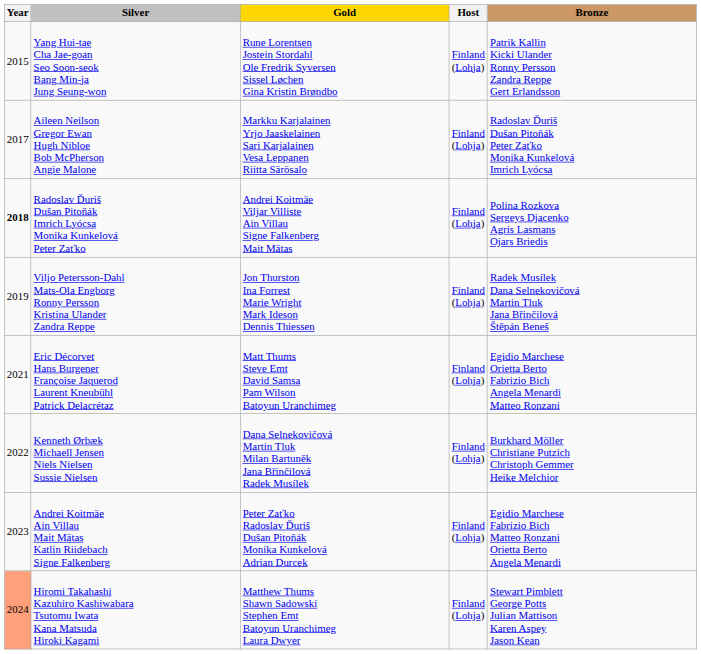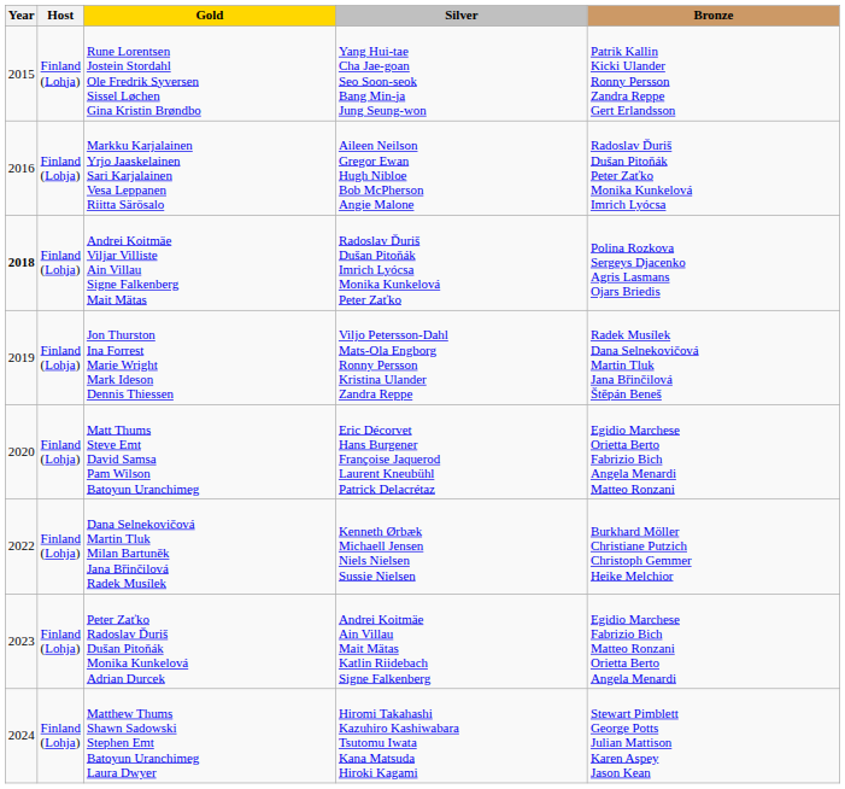 <table class="wikitable">
 <tr>
 <th>Year</th>
+<th>Host</th>
+<th style="background:gold; width:300px;">Gold</th>
 <th style="background:silver; width:300px;">Silver</th>
-<th style="background:gold; width:300px;">Gold</th>
-<th>Host</th>
 <th style="background:#cc9966; width:300px;">Bronze</th>
 </tr>
 <tr>
 <td>2015<br></td>
+<td><a href='#'>Finland</a><br>(<a href='#'>Lohja</a>)</td>
+<td><strong></strong> <br><a href='#'>Rune Lorentsen</a> <br><a href='#'>Jostein Stordahl</a> <br><a href='#'>Ole Fredrik Syversen</a> <br><a href='#'>Sissel Løchen</a> <br><a href='#'>Gina Kristin Brøndbo</a></td>
 <td><strong></strong> <br><a href='#'>Yang Hui-tae</a> <br><a href='#'>Cha Jae-goan</a> <br><a href='#'>Seo Soon-seok</a> <br><a href='#'>Bang Min-ja</a> <br><a href='#'>Jung Seung-won</a></td>
-<td><strong></strong> <br><a href='#'>Rune Lorentsen</a> <br><a href='#'>Jostein Stordahl</a> <br><a href='#'>Ole Fredrik Syversen</a> <br><a href='#'>Sissel Løchen</a> <br><a href='#'>Gina Kristin Brøndbo</a></td>
-<td><a href='#'>Finland</a><br>(<a href='#'>Lohja</a>)</td>
 <td><strong></strong> <br><a href='#'>Patrik Kallin</a> <br><a href='#'>Kicki Ulander</a> <br><a href='#'>Ronny Persson</a> <br><a href='#'>Zandra Reppe</a> <br><a href='#'>Gert Erlandsson</a></td>
 </tr>
 <tr>
-<td>2017<br></td>
+<td>2016<br></td>
+<td><a href='#'>Finland</a><br>(<a href='#'>Lohja</a>)</td>
+<td><strong></strong> <br> <a href='#'>Markku Karjalainen</a> <br> <a href='#'>Yrjo Jaaskelainen</a> <br> <a href='#'>Sari Karjalainen</a> <br> <a href='#'>Vesa Leppanen</a> <br> <a href='#'>Riitta Särösalo</a></td>
 <td><strong></strong> <br> <a href='#'>Aileen Neilson</a> <br> <a href='#'>Gregor Ewan</a> <br> <a href='#'>Hugh Nibloe</a> <br> <a href='#'>Bob McPherson</a> <br> <a href='#'>Angie Malone</a></td>
-<td><strong></strong> <br> <a href='#'>Markku Karjalainen</a> <br> <a href='#'>Yrjo Jaaskelainen</a> <br> <a href='#'>Sari Karjalainen</a> <br> <a href='#'>Vesa Leppanen</a> <br> <a href='#'>Riitta Särösalo</a></td>
-<td><a href='#'>Finland</a><br>(<a href='#'>Lohja</a>)</td>
 <td><strong></strong> <br> <a href='#'>Radoslav Ďuriš</a> <br> <a href='#'>Dušan Pitoňák</a> <br> <a href='#'>Peter Zaťko</a> <br> <a href='#'>Monika Kunkelová</a> <br> <a href='#'>Imrich Lyócsa</a></td>
 </tr>
 <tr>
 <td><strong>2018<br></strong></td>
+<td><a href='#'>Finland</a><br>(<a href='#'>Lohja</a>)</td>
+<td><strong></strong> <br> <a href='#'>Andrei Koitmäe</a><br><a href='#'>Viljar Villiste</a><br><a href='#'>Ain Villau</a><br><a href='#'>Signe Falkenberg</a><br><a href='#'>Mait Mätas</a></td>
 <td><strong></strong> <br> <a href='#'>Radoslav Ďuriš</a><br><a href='#'>Dušan Pitoňák</a><br><a href='#'>Imrich Lyócsa</a><br><a href='#'>Monika Kunkelová</a><br><a href='#'>Peter Zaťko</a></td>
-<td><strong></strong> <br> <a href='#'>Andrei Koitmäe</a><br><a href='#'>Viljar Villiste</a><br><a href='#'>Ain Villau</a><br><a href='#'>Signe Falkenberg</a><br><a href='#'>Mait Mätas</a></td>
-<td><a href='#'>Finland</a><br>(<a href='#'>Lohja</a>)</td>
 <td><strong></strong> <br> <a href='#'>Polina Rozkova</a><br><a href='#'>Sergeys Djacenko</a><br><a href='#'>Agris Lasmans</a><br><a href='#'>Ojars Briedis</a></td>
 </tr>
 <tr>
 <td>2019<br></td>
+<td><a href='#'>Finland</a><br>(<a href='#'>Lohja</a>)</td>
+<td><strong></strong> <br> <a href='#'>Jon Thurston</a><br>  <a href='#'>Ina Forrest</a><br>  <a href='#'>Marie Wright</a><br>  <a href='#'>Mark Ideson</a><br>  <a href='#'>Dennis Thiessen</a></td>
 <td><strong></strong> <br> <a href='#'>Viljo Petersson-Dahl</a><br>  <a href='#'>Mats-Ola Engborg</a><br>  <a href='#'>Ronny Persson</a><br>  <a href='#'>Kristina Ulander</a><br>  <a href='#'>Zandra Reppe</a></td>
-<td><strong></strong> <br> <a href='#'>Jon Thurston</a><br>  <a href='#'>Ina Forrest</a><br>  <a href='#'>Marie Wright</a><br>  <a href='#'>Mark Ideson</a><br>  <a href='#'>Dennis Thiessen</a></td>
-<td><a href='#'>Finland</a><br>(<a href='#'>Lohja</a>)</td>
 <td><strong></strong> <br> <a href='#'>Radek Musílek</a><br> <a href='#'>Dana Selnekovičová</a> <br> <a href='#'>Martin Tluk</a> <br> <a href='#'>Jana Břinčilová</a> <br> <a href='#'>Štěpán Beneš</a></td>
 </tr>
 <tr>
-<td>2021<br></td>
+<td>2020<br></td>
+<td><a href='#'>Finland</a><br>(<a href='#'>Lohja</a>)</td>
+<td><strong></strong> <br> <a href='#'>Matt Thums</a> <br> <a href='#'>Steve Emt</a> <br> <a href='#'>David Samsa</a> <br> <a href='#'>Pam Wilson</a> <br> <a href='#'>Batoyun Uranchimeg</a></td>
 <td><strong></strong> <br> <a href='#'>Eric Décorvet</a> <br> <a href='#'>Hans Burgener</a> <br> <a href='#'>Françoise Jaquerod</a> <br> <a href='#'>Laurent Kneubühl</a> <br> <a href='#'>Patrick Delacrétaz</a></td>
-<td><strong></strong> <br> <a href='#'>Matt Thums</a> <br> <a href='#'>Steve Emt</a> <br> <a href='#'>David Samsa</a> <br> <a href='#'>Pam Wilson</a> <br> <a href='#'>Batoyun Uranchimeg</a></td>
-<td><a href='#'>Finland</a><br>(<a href='#'>Lohja</a>)</td>
 <td><strong></strong> <br> <a href='#'>Egidio Marchese</a> <br> <a href='#'>Orietta Berto</a> <br> <a href='#'>Fabrizio Bich</a> <br> <a href='#'>Angela Menardi</a> <br> <a href='#'>Matteo Ronzani</a></td>
 </tr>
 <tr>
 <td>2022<br></td>
+<td><a href='#'>Finland</a><br>(<a href='#'>Lohja</a>)</td>
+<td><strong></strong> <br> <a href='#'>Dana Selnekovičová</a> <br> <a href='#'>Martin Tluk</a> <br> <a href='#'>Milan Bartuněk</a> <br> <a href='#'>Jana Břinčilová</a> <br> <a href='#'>Radek Musílek</a></td>
 <td><strong></strong> <br> <a href='#'>Kenneth Ørbæk</a> <br> <a href='#'>Michaell Jensen</a> <br> <a href='#'>Niels Nielsen</a> <br> <a href='#'>Sussie Nielsen</a></td>
-<td><strong></strong> <br> <a href='#'>Dana Selnekovičová</a> <br> <a href='#'>Martin Tluk</a> <br> <a href='#'>Milan Bartuněk</a> <br> <a href='#'>Jana Břinčilová</a> <br> <a href='#'>Radek Musílek</a></td>
-<td><a href='#'>Finland</a><br>(<a href='#'>Lohja</a>)</td>
 <td><strong></strong> <br> <a href='#'>Burkhard Möller</a> <br> <a href='#'>Christiane Putzich</a> <br> <a href='#'>Christoph Gemmer</a> <br> <a href='#'>Heike Melchior</a></td>
 </tr>
 <tr>
 <td>2023<br></td>
+<td><a href='#'>Finland</a><br>(<a href='#'>Lohja</a>)</td>
+<td><strong></strong> <br><a href='#'>Peter Zaťko</a><br><a href='#'>Radoslav Ďuriš</a><br><a href='#'>Dušan Pitoňák</a><br><a href='#'>Monika Kunkelová</a><br><a href='#'>Adrian Durcek</a></td>
 <td><strong></strong> <br><a href='#'>Andrei Koitmäe</a><br><a href='#'>Ain Villau</a><br><a href='#'>Mait Mätas</a><br><a href='#'>Katlin Riidebach</a><br><a href='#'>Signe Falkenberg</a></td>
-<td><strong></strong> <br><a href='#'>Peter Zaťko</a><br><a href='#'>Radoslav Ďuriš</a><br><a href='#'>Dušan Pitoňák</a><br><a href='#'>Monika Kunkelová</a><br><a href='#'>Adrian Durcek</a></td>
-<td><a href='#'>Finland</a><br>(<a href='#'>Lohja</a>)</td>
 <td><strong></strong> <br><a href='#'>Egidio Marchese</a><br><a href='#'>Fabrizio Bich</a><br><a href='#'>Matteo Ronzani</a><br><a href='#'>Orietta Berto</a><br><a href='#'>Angela Menardi</a></td>
 </tr>
 <tr>
-<td style="background: lightsalmon;">2024<br></td>
+<td>2024<br></td>
+<td><a href='#'>Finland</a><br>(<a href='#'>Lohja</a>)</td>
+<td><strong></strong> <br><a href='#'>Matthew Thums</a><br><a href='#'>Shawn Sadowski</a><br><a href='#'>Stephen Emt</a><br><a href='#'>Batoyun Uranchimeg</a><br><a href='#'>Laura Dwyer</a></td>
 <td><strong></strong> <br><a href='#'>Hiromi Takahashi</a><br><a href='#'>Kazuhiro Kashiwabara</a><br><a href='#'>Tsutomu Iwata</a><br><a href='#'>Kana Matsuda</a><br><a href='#'>Hiroki Kagami</a></td>
-<td><strong></strong> <br><a href='#'>Matthew Thums</a><br><a href='#'>Shawn Sadowski</a><br><a href='#'>Stephen Emt</a><br><a href='#'>Batoyun Uranchimeg</a><br><a href='#'>Laura Dwyer</a></td>
-<td><a href='#'>Finland</a><br>(<a href='#'>Lohja</a>)</td>
 <td><strong></strong> <br><a href='#'>Stewart Pimblett</a><br><a href='#'>George Potts</a><br><a href='#'>Julian Mattison</a><br><a href='#'>Karen Aspey</a><br><a href='#'>Jason Kean</a></td>
 </tr>
 </table>
